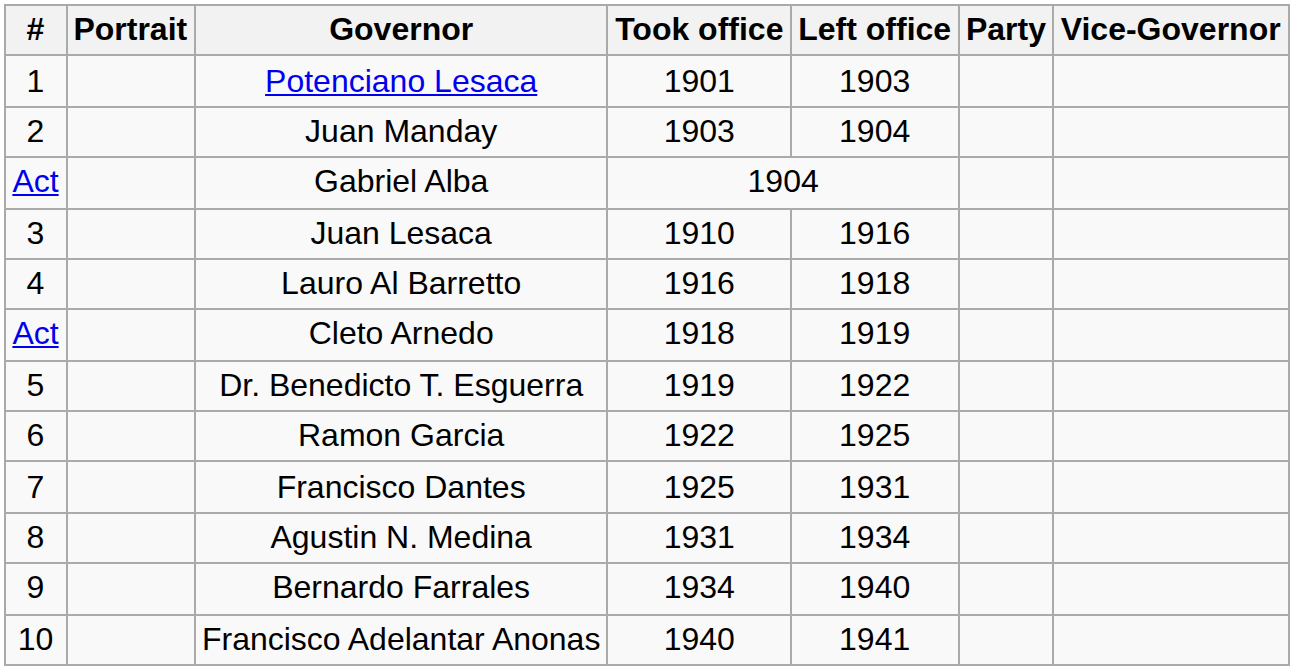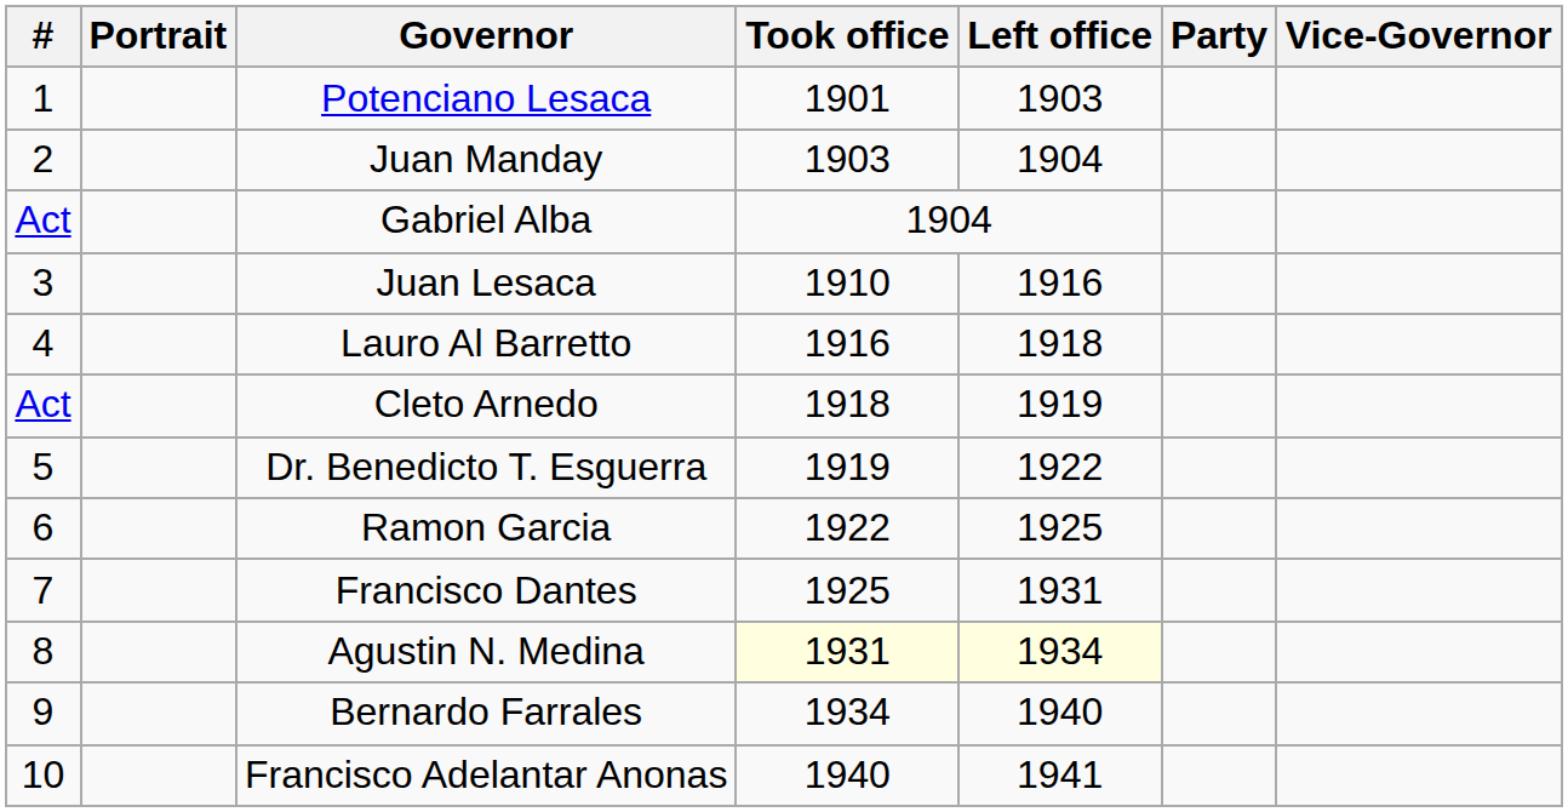 <table class="wikitable" style="text-align:center;">
 <tr>
 <th>#</th>
 <th>Portrait</th>
 <th>Governor</th>
 <th>Took office</th>
 <th>Left office</th>
 <th>Party</th>
 <th>Vice-Governor</th>
 </tr>
 <tr>
 <td>1</td>
 <td></td>
 <td><a href='#'>Potenciano Lesaca</a></td>
 <td>1901</td>
 <td>1903</td>
 <td></td>
 <td></td>
 </tr>
 <tr>
 <td>2</td>
 <td></td>
 <td>Juan Manday</td>
 <td>1903</td>
 <td>1904</td>
 <td></td>
 <td></td>
 </tr>
 <tr>
 <td><a href='#'>Act</a></td>
 <td></td>
 <td>Gabriel Alba</td>
 <td colspan="2">1904</td>
 <td></td>
 <td></td>
 </tr>
 <tr>
 <td>3</td>
 <td></td>
 <td>Juan Lesaca</td>
 <td>1910</td>
 <td>1916</td>
 <td></td>
 <td></td>
 </tr>
 <tr>
 <td>4</td>
 <td></td>
 <td>Lauro Al Barretto</td>
 <td>1916</td>
 <td>1918</td>
 <td></td>
 <td></td>
 </tr>
 <tr>
 <td><a href='#'>Act</a></td>
 <td></td>
 <td>Cleto Arnedo</td>
 <td>1918</td>
 <td>1919</td>
 <td></td>
 <td></td>
 </tr>
 <tr>
 <td>5</td>
 <td></td>
 <td>Dr. Benedicto T. Esguerra</td>
 <td>1919</td>
 <td>1922</td>
 <td></td>
 <td></td>
 </tr>
 <tr>
 <td>6</td>
 <td></td>
 <td>Ramon Garcia</td>
 <td>1922</td>
 <td>1925</td>
 <td></td>
 <td></td>
 </tr>
 <tr>
 <td>7</td>
 <td></td>
 <td>Francisco Dantes</td>
 <td>1925</td>
 <td>1931</td>
 <td></td>
 <td></td>
 </tr>
 <tr>
 <td>8</td>
 <td></td>
 <td>Agustin N. Medina</td>
-<td>1931</td>
-<td>1934</td>
+<td style="background: lightyellow;">1931</td>
+<td style="background: lightyellow;">1934</td>
 <td></td>
 <td></td>
 </tr>
 <tr>
 <td>9</td>
 <td></td>
 <td>Bernardo Farrales</td>
 <td>1934</td>
 <td>1940</td>
 <td></td>
 <td></td>
 </tr>
 <tr>
 <td>10</td>
 <td></td>
 <td>Francisco Adelantar Anonas</td>
 <td>1940</td>
 <td>1941</td>
 <td></td>
 <td></td>
 </tr>
 </table>
